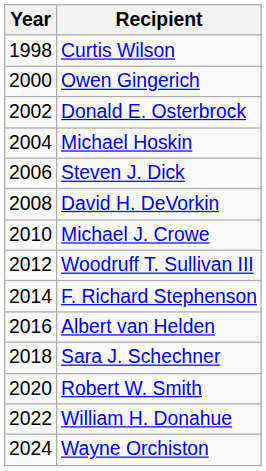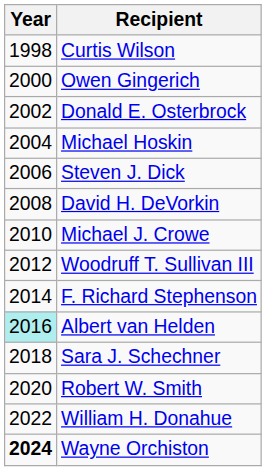 <table class="wikitable">
 <tr ---->
 <th>Year</th>
 <th>Recipient</th>
 </tr>
 <tr ---->
 <td>1998</td>
 <td><a href='#'>Curtis Wilson</a></td>
 </tr>
 <tr ---->
 <td>2000</td>
 <td><a href='#'>Owen Gingerich</a></td>
 </tr>
 <tr ---->
 <td>2002</td>
 <td><a href='#'>Donald E. Osterbrock</a></td>
 </tr>
 <tr ---->
 <td>2004</td>
 <td><a href='#'>Michael Hoskin</a></td>
 </tr>
 <tr ---->
 <td>2006</td>
 <td><a href='#'>Steven J. Dick</a></td>
 </tr>
 <tr ---->
 <td>2008</td>
 <td><a href='#'>David H. DeVorkin</a></td>
 </tr>
 <tr ---->
 <td>2010</td>
 <td><a href='#'>Michael J. Crowe</a></td>
 </tr>
 <tr ---->
 <td>2012</td>
 <td><a href='#'>Woodruff T. Sullivan III</a></td>
 </tr>
 <tr ---->
 <td>2014</td>
 <td><a href='#'>F. Richard Stephenson</a></td>
 </tr>
 <tr ---->
-<td>2016</td>
+<td style="background: paleturquoise;">2016</td>
 <td><a href='#'>Albert van Helden</a></td>
 </tr>
 <tr>
 <td>2018</td>
 <td><a href='#'>Sara J. Schechner</a></td>
 </tr>
 <tr>
 <td>2020</td>
 <td><a href='#'>Robert W. Smith</a></td>
 </tr>
 <tr>
 <td>2022</td>
 <td><a href='#'>William H. Donahue</a></td>
 </tr>
 <tr>
-<td>2024</td>
+<td><strong>2024</strong></td>
 <td><a href='#'>Wayne Orchiston</a></td>
 </tr>
 </table>
